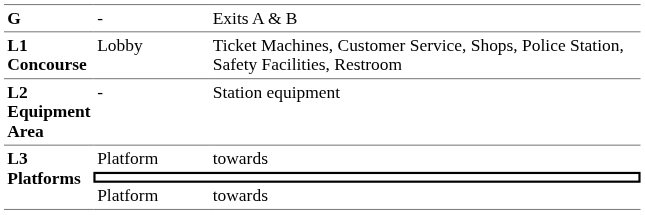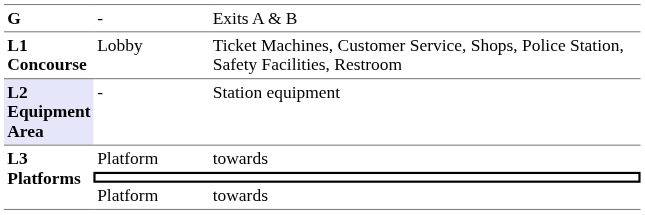 <table table border=0 cellspacing=0 cellpadding=3>
 <tr>
 <td style="border-top:solid 1px gray;" width=50 valign=top><strong>G</strong></td>
 <td style="border-top:solid 1px gray;" width=100 valign=top>-</td>
 <td style="border-top:solid 1px gray;" width=390 valign=top>Exits A & B</td>
 </tr>
 <tr>
 <td style="border-bottom:solid 0px gray; border-top:solid 1px gray;" valign=top width=50><strong>L1<br>Concourse</strong></td>
 <td style="border-bottom:solid 0px gray; border-top:solid 1px gray;" valign=top width=100>Lobby</td>
 <td style="border-bottom:solid 0px gray; border-top:solid 1px gray;" valign=top width=390>Ticket Machines, Customer Service, Shops, Police Station, Safety Facilities, Restroom</td>
 </tr>
 <tr>
-<td style="border-bottom:solid 0px gray; border-top:solid 1px gray;" valign=top width=50><strong>L2<br>Equipment Area</strong></td>
+<td style="background: lavender; border-bottom:solid 0px gray; border-top:solid 1px gray;" valign=top width=50><strong>L2<br>Equipment Area</strong></td>
 <td style="border-bottom:solid 0px gray; border-top:solid 1px gray;" valign=top width=100>-</td>
 <td style="border-bottom:solid 0px gray; border-top:solid 1px gray;" valign=top width=390>Station equipment</td>
 </tr>
 <tr>
 <td style="border-bottom:solid 1px gray; border-top:solid 1px gray;" valign=top width=50 rowspan=3><strong>L3<br>Platforms</strong></td>
 <td style="border-top:solid 1px gray;">Platform </td>
 <td style="border-top:solid 1px gray;">  towards  </td>
 </tr>
 <tr>
 <td style="border-top:solid 2px black;border-right:solid 2px black;border-left:solid 2px black;border-bottom:solid 2px black;text-align:center;" colspan=2></td>
 </tr>
 <tr>
 <td style="border-bottom:solid 1px gray;">Platform </td>
 <td style="border-bottom:solid 1px gray;"> towards   </td>
 </tr>
 </table>
